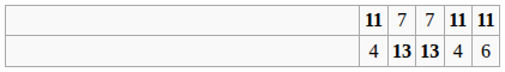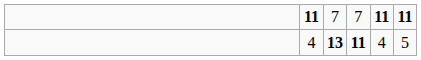 <table class="wikitable">
 <tr>
 <td style="width:18em"></td>
 <td align=center style="width:1em"><strong>11</strong></td>
 <td align=center style="width:1em">7</td>
 <td align=center style="width:1em">7</td>
 <td align=center style="width:1em"><strong>11</strong></td>
 <td align=center style="width:1em"><strong>11</strong></td>
 </tr>
 <tr>
 <td style="width:18em"></td>
 <td align=center style="width:1em">4</td>
 <td align=center style="width:1em"><strong>13</strong></td>
-<td align=center style="width:1em"><strong>13</strong></td>
+<td align=center style="width:1em"><strong>11</strong></td>
 <td align=center style="width:1em">4</td>
-<td align=center style="width:1em">6</td>
+<td align=center style="width:1em">5</td>
 </tr>
 </table>
